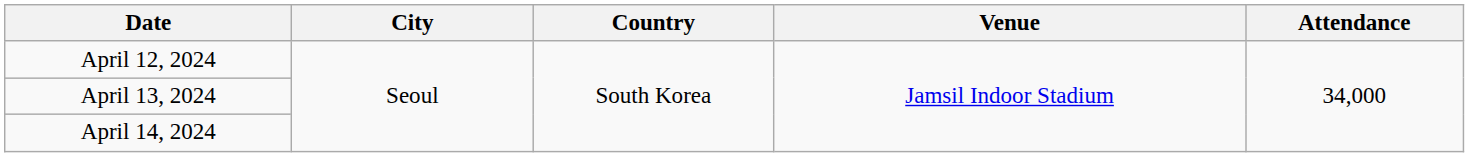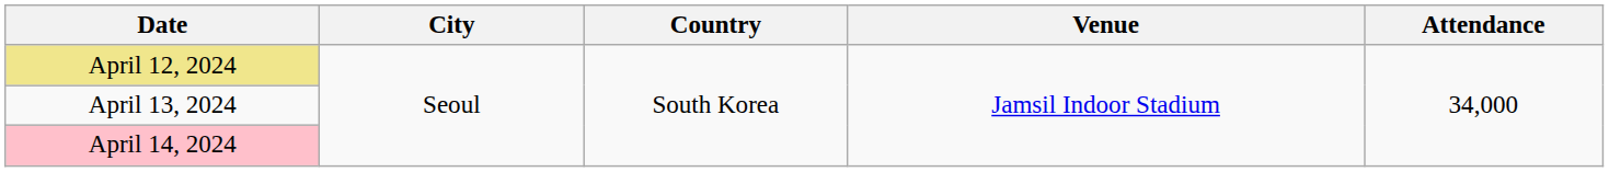 <table class="wikitable" style="text-align:center;">
 <tr>
 <th scope="col" style="width:12em">Date</th>
 <th scope="col" style="width:10em">City</th>
 <th scope="col" style="width:10em">Country</th>
 <th scope="col" style="width:20em">Venue</th>
 <th scope="col" style="width:9em">Attendance</th>
 </tr>
 <tr>
-<td>April 12, 2024</td>
+<td style="background: khaki;">April 12, 2024</td>
 <td rowspan="3">Seoul</td>
 <td rowspan="3">South Korea</td>
 <td rowspan="3"><a href='#'>Jamsil Indoor Stadium</a></td>
 <td rowspan="3">34,000</td>
 </tr>
 <tr>
 <td>April 13, 2024</td>
 </tr>
 <tr>
-<td>April 14, 2024</td>
+<td style="background: pink;">April 14, 2024</td>
 </tr>
 </table>
